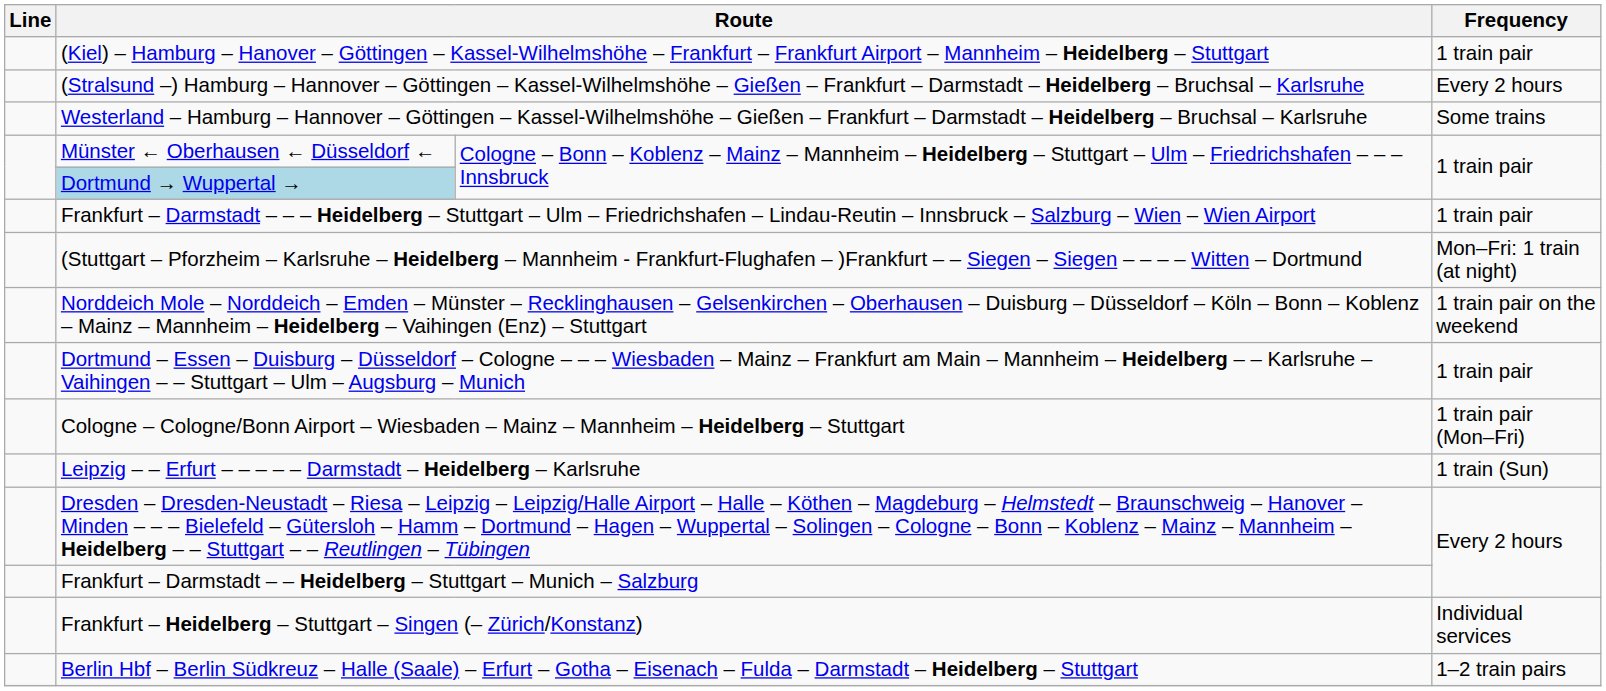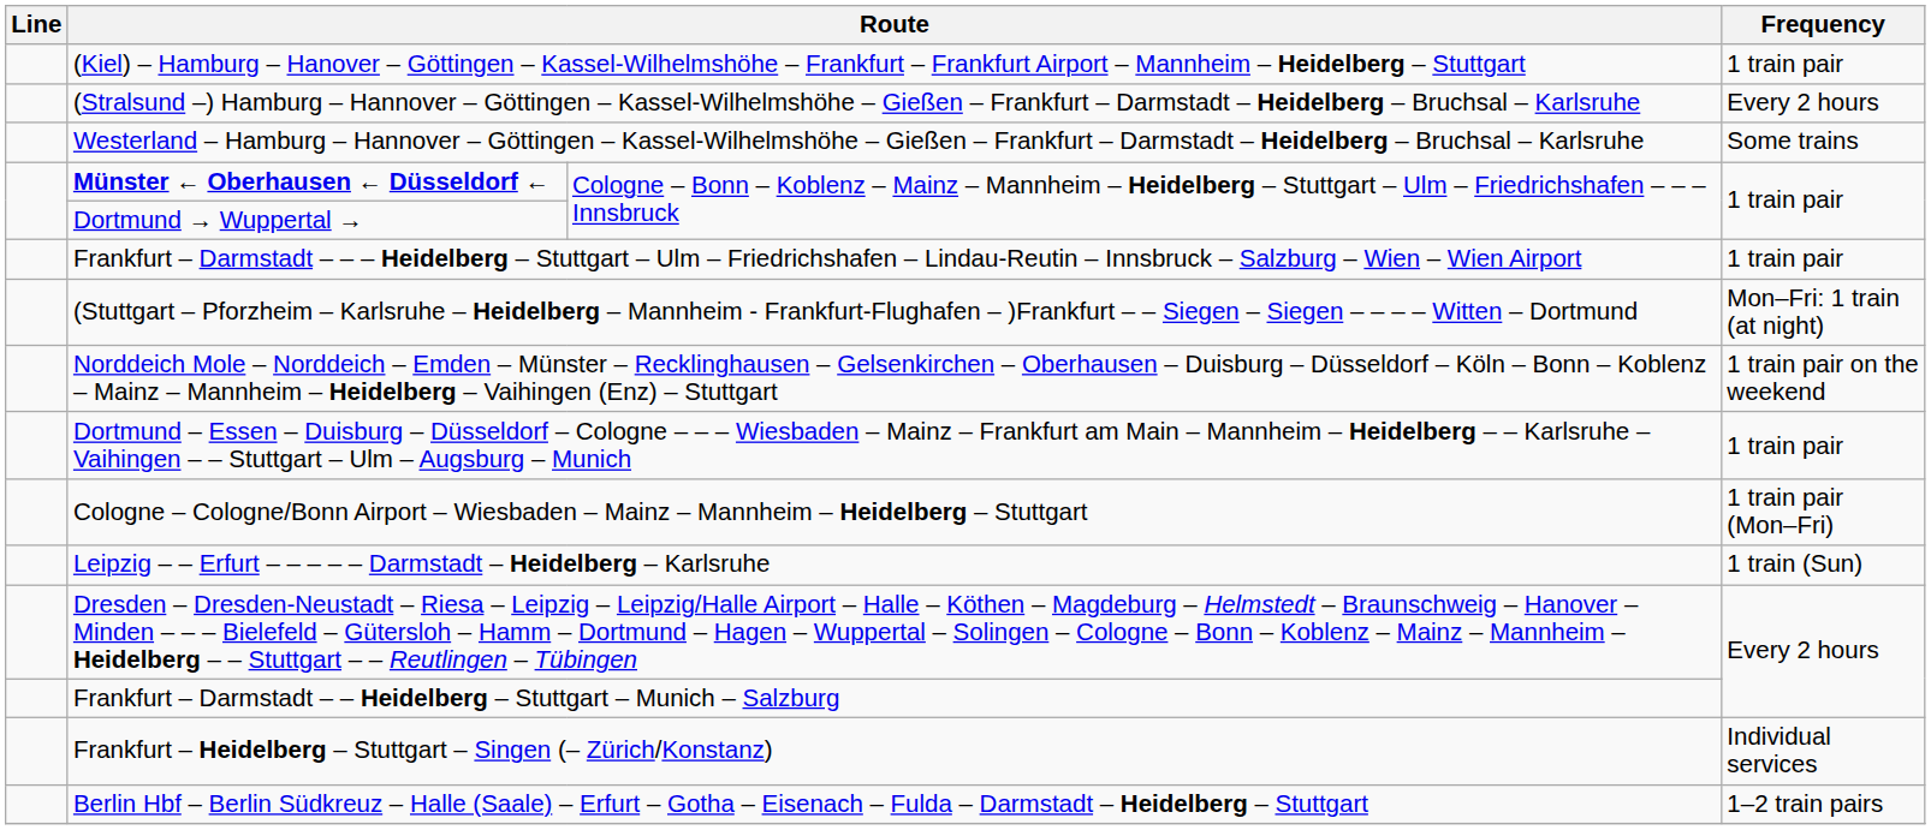 <table class="wikitable">
 <tr style="background-color:#e3e3e3;">
 <th>Line</th>
 <th colspan=2>Route</th>
 <th>Frequency</th>
 </tr>
 <tr>
 <td align="center"></td>
 <td colspan=2>(<a href='#'>Kiel</a>) – <a href='#'>Hamburg</a> – <a href='#'>Hanover</a> – <a href='#'>Göttingen</a> – <a href='#'>Kassel-Wilhelmshöhe</a> – <a href='#'>Frankfurt</a> – <a href='#'>Frankfurt Airport</a> – <a href='#'>Mannheim</a> – <strong>Heidelberg</strong> – <a href='#'>Stuttgart</a></td>
 <td>1 train pair</td>
 </tr>
 <tr>
 <td align="center"></td>
 <td colspan=2>(<a href='#'>Stralsund</a> –) Hamburg – Hannover – Göttingen – Kassel-Wilhelmshöhe – <a href='#'>Gießen</a> – Frankfurt – Darmstadt – <strong>Heidelberg</strong> – Bruchsal – <a href='#'>Karlsruhe</a></td>
 <td>Every 2 hours</td>
 </tr>
 <tr>
 <td align="center"></td>
 <td colspan=2><a href='#'>Westerland</a> – Hamburg – Hannover – Göttingen – Kassel-Wilhelmshöhe – Gießen – Frankfurt – Darmstadt – <strong>Heidelberg</strong> – Bruchsal – Karlsruhe</td>
 <td>Some trains</td>
 </tr>
 <tr>
 <td align="center" rowspan=2></td>
-<td><a href='#'>Münster</a> ← <a href='#'>Oberhausen</a> ← <a href='#'>Düsseldorf</a> ←</td>
+<td><strong><a href='#'>Münster</a> ← <a href='#'>Oberhausen</a> ← <a href='#'>Düsseldorf</a> ←</strong></td>
 <td rowspan=2><a href='#'>Cologne</a> – <a href='#'>Bonn</a> – <a href='#'>Koblenz</a> – <a href='#'>Mainz</a> – Mannheim – <strong>Heidelberg</strong> – Stuttgart – <a href='#'>Ulm</a> – <a href='#'>Friedrichshafen</a> –  –  –  <a href='#'>Innsbruck</a></td>
 <td rowspan="2">1 train pair</td>
 </tr>
 <tr>
-<td style="background: lightblue;"><a href='#'>Dortmund</a> → <a href='#'>Wuppertal</a> →</td>
+<td><a href='#'>Dortmund</a> → <a href='#'>Wuppertal</a> →</td>
 </tr>
 <tr>
 <td align="center"></td>
 <td colspan=2>Frankfurt – <a href='#'>Darmstadt</a> –  –  – <strong>Heidelberg</strong> – Stuttgart – Ulm – Friedrichshafen – Lindau-Reutin – Innsbruck – <a href='#'>Salzburg</a> – <a href='#'>Wien</a> – <a href='#'>Wien Airport</a></td>
 <td>1 train pair</td>
 </tr>
 <tr>
 <td align="center"></td>
 <td colspan=2>(Stuttgart – Pforzheim – Karlsruhe – <strong>Heidelberg</strong> – Mannheim - Frankfurt-Flughafen – )Frankfurt –  – <a href='#'>Siegen</a> – <a href='#'>Siegen</a> –  –  –  – <a href='#'>Witten</a> – Dortmund</td>
 <td>Mon–Fri: 1 train (at night)</td>
 </tr>
 <tr>
 <td align="center"></td>
 <td colspan=2><a href='#'>Norddeich Mole</a> – <a href='#'>Norddeich</a> – <a href='#'>Emden</a> – Münster – <a href='#'>Recklinghausen</a> – <a href='#'>Gelsenkirchen</a> – <a href='#'>Oberhausen</a> – Duisburg –  Düsseldorf – Köln – Bonn – Koblenz – Mainz – Mannheim – <strong>Heidelberg</strong> – Vaihingen (Enz) – Stuttgart</td>
 <td>1 train pair on the weekend</td>
 </tr>
 <tr>
 <td align="center"></td>
 <td colspan=2><a href='#'>Dortmund</a> – <a href='#'>Essen</a> – <a href='#'>Duisburg</a> – <a href='#'>Düsseldorf</a> – Cologne –   –  – <a href='#'>Wiesbaden</a> – Mainz – Frankfurt am Main – Mannheim – <strong>Heidelberg</strong> –  – Karlsruhe – <a href='#'>Vaihingen</a> –  – Stuttgart – Ulm – <a href='#'>Augsburg</a> – <a href='#'>Munich</a></td>
 <td>1 train pair</td>
 </tr>
 <tr>
 <td align="center"></td>
 <td colspan=2>Cologne – Cologne/Bonn Airport – Wiesbaden – Mainz – Mannheim – <strong>Heidelberg</strong> – Stuttgart</td>
 <td>1 train pair (Mon–Fri)</td>
 </tr>
 <tr>
 <td align="center"></td>
 <td colspan=2><a href='#'>Leipzig</a> –  – <a href='#'>Erfurt</a> –  –  –  –  – <a href='#'>Darmstadt</a> – <strong>Heidelberg</strong> – Karlsruhe</td>
 <td>1 train (Sun)</td>
 </tr>
 <tr>
 <td align="center"></td>
 <td colspan=2><a href='#'>Dresden</a> – <a href='#'>Dresden-Neustadt</a> – <a href='#'>Riesa</a> – <a href='#'>Leipzig</a> – <a href='#'>Leipzig/Halle Airport</a> – <a href='#'>Halle</a> – <a href='#'>Köthen</a> – <a href='#'>Magdeburg</a> – <em><a href='#'>Helmstedt</a></em> – <a href='#'>Braunschweig</a> – <a href='#'>Hanover</a> – <a href='#'>Minden</a> –  –  – <a href='#'>Bielefeld</a> – <a href='#'>Gütersloh</a> – <a href='#'>Hamm</a> – <a href='#'>Dortmund</a> – <a href='#'>Hagen</a> – <a href='#'>Wuppertal</a> – <a href='#'>Solingen</a> – <a href='#'>Cologne</a> – <a href='#'>Bonn</a> – <a href='#'>Koblenz</a> – <a href='#'>Mainz</a> – <a href='#'>Mannheim</a> – <strong>Heidelberg</strong> –  – <a href='#'>Stuttgart</a> <em>–  – <a href='#'>Reutlingen</a> – <a href='#'>Tübingen</a></em></td>
 <td rowspan="2">Every 2 hours</td>
 </tr>
 <tr>
 <td align="center"></td>
 <td colspan=2>Frankfurt – Darmstadt –  – <strong>Heidelberg</strong>  – Stuttgart – Munich – <a href='#'>Salzburg</a></td>
 </tr>
 <tr>
 <td align="center"></td>
 <td colspan=2>Frankfurt – <strong>Heidelberg</strong>  – Stuttgart – <a href='#'>Singen</a> (– <a href='#'>Zürich</a>/<a href='#'>Konstanz</a>)</td>
 <td>Individual services</td>
 </tr>
 <tr>
 <td align="center"></td>
 <td colspan=2><a href='#'>Berlin Hbf</a> – <a href='#'>Berlin Südkreuz</a> – <a href='#'>Halle (Saale)</a> – <a href='#'>Erfurt</a> – <a href='#'>Gotha</a> – <a href='#'>Eisenach</a> – <a href='#'>Fulda</a> –  <a href='#'>Darmstadt</a> – <strong>Heidelberg</strong> – <a href='#'>Stuttgart</a></td>
 <td>1–2 train pairs</td>
 </tr>
 <tr>
 </tr>
 </table>
